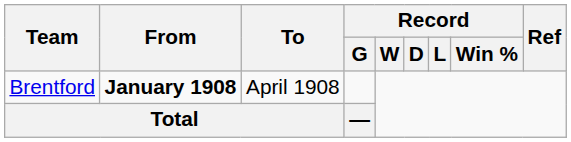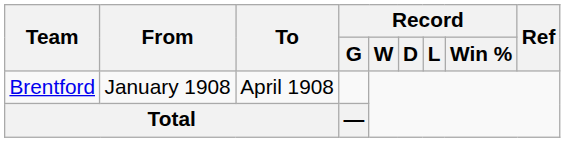 <table class="wikitable" style="text-align: center">
 <tr>
 <th rowspan="2">Team</th>
 <th rowspan="2">From</th>
 <th rowspan="2">To</th>
 <th colspan="5">Record</th>
 <th rowspan="2">Ref</th>
 </tr>
 <tr>
 <th>G</th>
 <th>W</th>
 <th>D</th>
 <th>L</th>
 <th>Win %</th>
 </tr>
 <tr>
 <td align="left"><a href='#'>Brentford</a></td>
-<td><strong>January 1908</strong></td>
+<td>January 1908</td>
 <td>April 1908<br></td>
 <td></td>
 </tr>
 <tr>
 <th colspan="3">Total<br></th>
 <th>—</th>
 </tr>
 </table>
